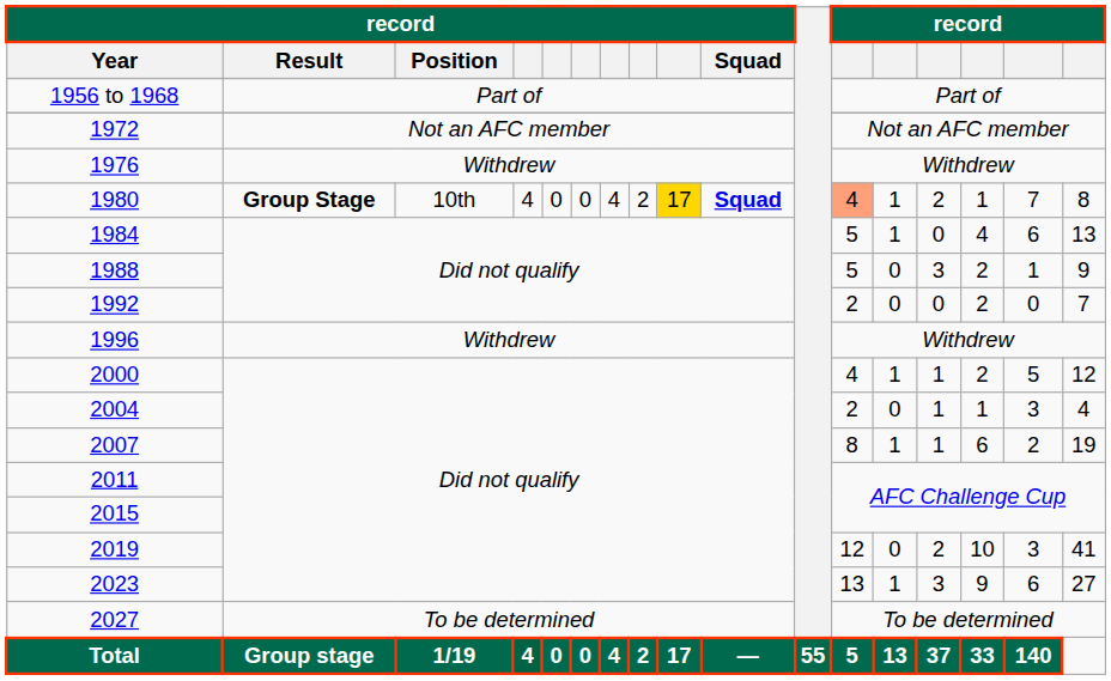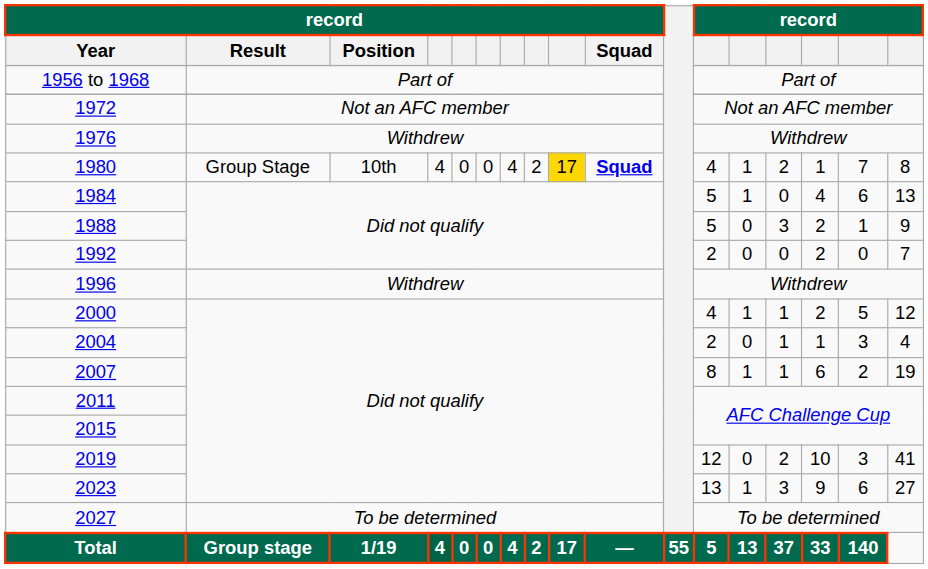 <table class="wikitable" style="text-align:center;font-size:100%;width: 800px">
 <tr>
 <th colspan=10 style="background: #006a4e;border: 2px solid #ff3300;color: #FFFFFF;"><a href='#'></a> record</th>
 <th style="width:1%;" rowspan="20"></th>
 <th colspan=6 style="background: #006a4e;border: 2px solid #ff3300;color: #FFFFFF;"><a href='#'></a> record</th>
 </tr>
 <tr>
 <th width=150>Year</th>
 <th>Result</th>
 <th>Position</th>
 <th></th>
 <th></th>
 <th></th>
 <th></th>
 <th></th>
 <th></th>
 <th>Squad</th>
 <th></th>
 <th></th>
 <th></th>
 <th></th>
 <th></th>
 <th></th>
 </tr>
 <tr>
 </tr>
 <tr>
 <td> <a href='#'>1956</a> to  <a href='#'>1968</a></td>
 <td colspan=9><em>Part of </em></td>
 <td colspan=6><em>Part of </em></td>
 </tr>
 <tr>
 </tr>
 <tr>
 <td> <a href='#'>1972</a></td>
 <td colspan=9><em>Not an AFC member</em></td>
 <td colspan=7><em>Not an AFC member</em></td>
 </tr>
 <tr>
 <td> <a href='#'>1976</a></td>
 <td colspan=9><em>Withdrew</em></td>
 <td colspan=7><em>Withdrew</em></td>
 </tr>
 <tr>
 <td> <a href='#'>1980</a></td>
-<td><strong>Group Stage</strong></td>
+<td>Group Stage</td>
 <td>10th</td>
 <td>4</td>
 <td>0</td>
 <td>0</td>
 <td>4</td>
 <td>2</td>
 <td style="background: gold;">17</td>
 <td><strong><a href='#'>Squad</a></strong></td>
-<td style="background: lightsalmon;">4</td>
+<td>4</td>
 <td>1</td>
 <td>2</td>
 <td>1</td>
 <td>7</td>
 <td>8</td>
 </tr>
 <tr>
 <td> <a href='#'>1984</a></td>
 <td colspan=9 rowspan=3><em>Did not qualify</em></td>
 <td>5</td>
 <td>1</td>
 <td>0</td>
 <td>4</td>
 <td>6</td>
 <td>13</td>
 </tr>
 <tr>
 <td> <a href='#'>1988</a></td>
 <td>5</td>
 <td>0</td>
 <td>3</td>
 <td>2</td>
 <td>1</td>
 <td>9</td>
 </tr>
 <tr>
 <td> <a href='#'>1992</a></td>
 <td>2</td>
 <td>0</td>
 <td>0</td>
 <td>2</td>
 <td>0</td>
 <td>7</td>
 </tr>
 <tr>
 <td> <a href='#'>1996</a></td>
 <td colspan=9><em>Withdrew</em></td>
 <td colspan=7><em>Withdrew</em></td>
 </tr>
 <tr>
 <td> <a href='#'>2000</a></td>
 <td colspan=9 rowspan=7><em>Did not qualify</em></td>
 <td>4</td>
 <td>1</td>
 <td>1</td>
 <td>2</td>
 <td>5</td>
 <td>12</td>
 </tr>
 <tr>
 <td> <a href='#'>2004</a></td>
 <td>2</td>
 <td>0</td>
 <td>1</td>
 <td>1</td>
 <td>3</td>
 <td>4</td>
 </tr>
 <tr>
 <td>    <a href='#'>2007</a></td>
 <td>8</td>
 <td>1</td>
 <td>1</td>
 <td>6</td>
 <td>2</td>
 <td>19</td>
 </tr>
 <tr>
 <td> <a href='#'>2011</a></td>
 <td rowspan=2 colspan=6><em><a href='#'>AFC Challenge Cup</a></em></td>
 </tr>
 <tr>
 <td> <a href='#'>2015</a></td>
 </tr>
 <tr>
 <td> <a href='#'>2019</a></td>
 <td>12</td>
 <td>0</td>
 <td>2</td>
 <td>10</td>
 <td>3</td>
 <td>41</td>
 </tr>
 <tr>
 <td> <a href='#'>2023</a></td>
 <td>13</td>
 <td>1</td>
 <td>3</td>
 <td>9</td>
 <td>6</td>
 <td>27</td>
 </tr>
 <tr>
 <td> <a href='#'>2027</a></td>
 <td colspan=9><em>To be determined</em></td>
 <td colspan=6><em>To be determined</em></td>
 </tr>
 <tr>
 <td style="background: #006a4e;border: 2px solid #ff3300;color:white; "><strong>Total</strong></td>
 <td style="background: #006a4e;border: 2px solid #ff3300;color:white; "><strong>Group stage</strong></td>
 <td style="background: #006a4e;border: 2px solid #ff3300;color:white; "><strong>1/19</strong></td>
 <td style="background: #006444;border: 2px solid #ff3300;color:white; "><strong>4</strong></td>
 <td style="background: #006a4e;border: 2px solid #ff3300;color:white; "><strong>0</strong></td>
 <td style="background: #006a4e;border: 2px solid #ff3300;color:white; "><strong>0</strong></td>
 <td style="background: #006a4e;border: 2px solid #ff3300;color:white; "><strong>4</strong></td>
 <td style="background: #006a4e;border: 2px solid #ff3300;color:white; "><strong>2</strong></td>
 <td style="background: #006a4e;border: 2px solid #ff3300;color:white; "><strong>17</strong></td>
 <td style="background: #006a4e;border: 2px solid #ff3300;color:white; "><strong>—</strong></td>
 <td style="background: #006a4e;border: 2px solid #ff3300;color:white; "><strong>55</strong></td>
 <td style="background: #006a4e;border: 2px solid #ff3300;color:white; "><strong>5</strong></td>
 <td style="background: #006a4e;border: 2px solid #ff3300;color:white; "><strong>13</strong></td>
 <td style="background: #006a4e;border: 2px solid #ff3300;color:white; "><strong>37</strong></td>
 <td style="background: #006a4e;border: 2px solid #ff3300;color:white; "><strong>33</strong></td>
 <td style="background: #006a4e;border: 2px solid #ff3300;color:white; "><strong>140</strong></td>
 </tr>
 </table>
